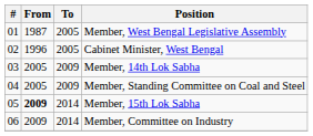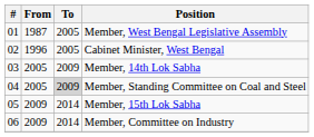 <table class="wikitable sortable">
 <tr>
 <th>#</th>
 <th>From</th>
 <th>To</th>
 <th>Position</th>
 </tr>
 <tr>
 <td>01</td>
 <td>1987</td>
 <td>2005</td>
 <td>Member, <a href='#'>West Bengal Legislative Assembly</a></td>
 </tr>
 <tr>
 <td>02</td>
 <td>1996</td>
 <td>2005</td>
 <td>Cabinet Minister, <a href='#'>West Bengal</a></td>
 </tr>
 <tr>
 <td>03</td>
 <td>2005</td>
 <td>2009</td>
 <td>Member, <a href='#'>14th Lok Sabha</a></td>
 </tr>
 <tr>
 <td>04</td>
 <td>2005</td>
-<td>2009</td>
+<td style="background: lightgrey;">2009</td>
 <td>Member, Standing Committee on Coal and Steel</td>
 </tr>
 <tr>
 <td>05</td>
-<td><strong>2009</strong></td>
+<td>2009</td>
 <td>2014</td>
 <td>Member, <a href='#'>15th Lok Sabha</a></td>
 </tr>
 <tr>
 <td>06</td>
 <td>2009</td>
 <td>2014</td>
 <td>Member, Committee on Industry</td>
 </tr>
 <tr>
 </tr>
 </table>
